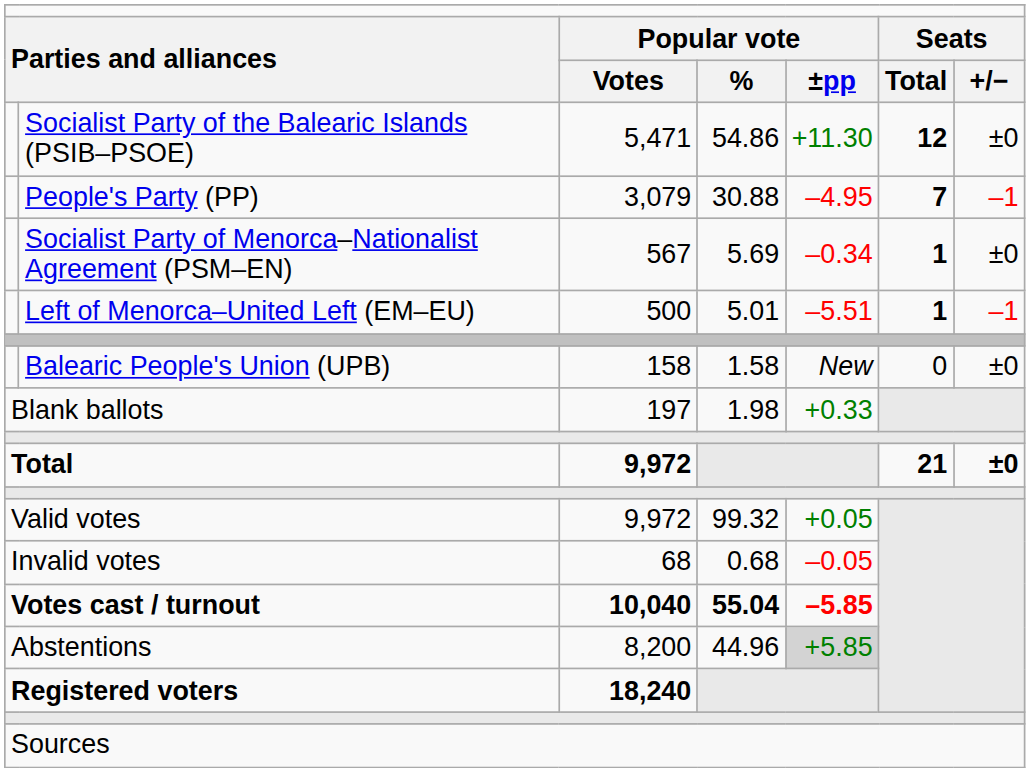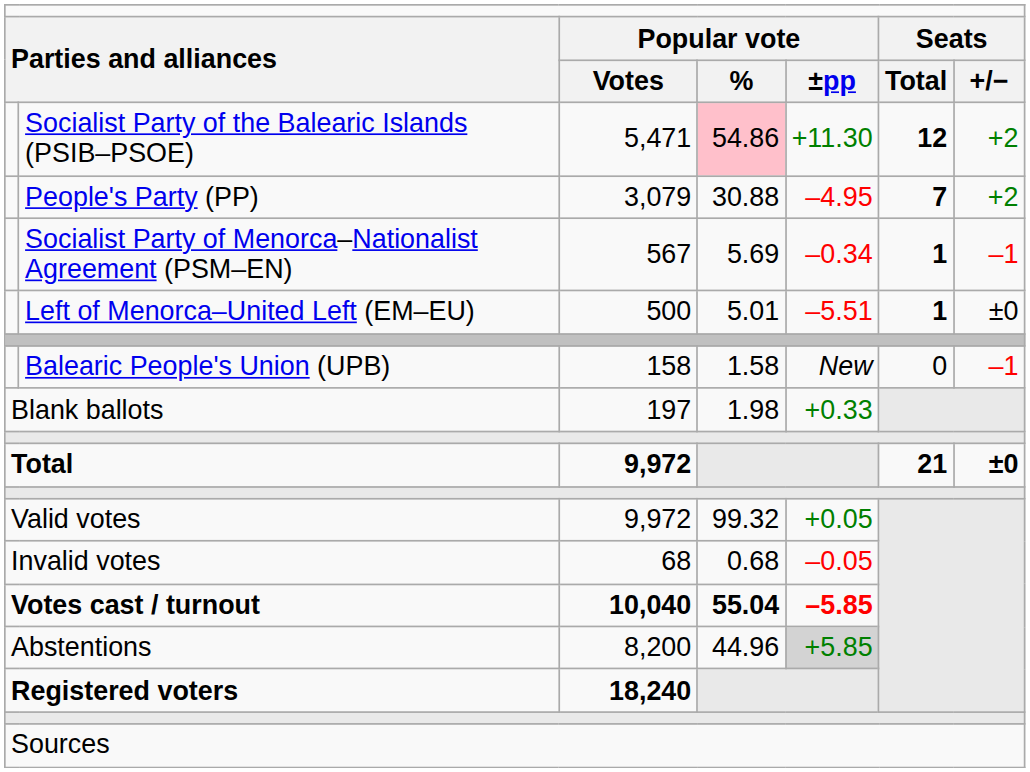 <table class="wikitable" style="text-align:right;">
 <tr>
 <td colspan="7"></td>
 </tr>
 <tr>
 <th style="text-align:left;" rowspan="2" colspan="2" width="525">Parties and alliances</th>
 <th colspan="3">Popular vote</th>
 <th colspan="2">Seats</th>
 </tr>
 <tr>
 <th width="75">Votes</th>
 <th width="45">%</th>
 <th width="45">±<a href='#'>pp</a></th>
 <th width="35">Total</th>
 <th width="35">+/−</th>
 </tr>
 <tr>
 <td width="1" style="color:inherit;background:"></td>
 <td align="left"><a href='#'>Socialist Party of the Balearic Islands</a> (PSIB–PSOE)</td>
 <td>5,471</td>
-<td>54.86</td>
+<td style="background: pink;">54.86</td>
 <td style="color:green;">+11.30</td>
 <td><strong>12</strong></td>
-<td>±0</td>
+<td style="color:green;">+2</td>
 </tr>
 <tr>
 <td style="color:inherit;background:"></td>
 <td align="left"><a href='#'>People's Party</a> (PP)</td>
 <td>3,079</td>
 <td>30.88</td>
 <td style="color:red;">–4.95</td>
 <td><strong>7</strong></td>
-<td style="color:red;">–1</td>
+<td style="color:green;">+2</td>
 </tr>
 <tr>
 <td style="color:inherit;background:"></td>
 <td align="left"><a href='#'>Socialist Party of Menorca</a>–<a href='#'>Nationalist Agreement</a> (PSM–EN)</td>
 <td>567</td>
 <td>5.69</td>
 <td style="color:red;">–0.34</td>
 <td><strong>1</strong></td>
-<td>±0</td>
+<td style="color:red;">–1</td>
 </tr>
 <tr>
 <td style="color:inherit;background:"></td>
 <td align="left"><a href='#'>Left of Menorca–United Left</a> (EM–EU)</td>
 <td>500</td>
 <td>5.01</td>
 <td style="color:red;">–5.51</td>
 <td><strong>1</strong></td>
-<td style="color:red;">–1</td>
+<td>±0</td>
 </tr>
 <tr>
 <td colspan="7" bgcolor="#C0C0C0"></td>
 </tr>
 <tr>
 <td style="color:inherit;background:"></td>
 <td align="left"><a href='#'>Balearic People's Union</a> (UPB)</td>
 <td>158</td>
 <td>1.58</td>
 <td><em>New</em></td>
 <td>0</td>
-<td>±0</td>
+<td style="color:red;">–1</td>
 </tr>
 <tr>
 <td align="left" colspan="2">Blank ballots</td>
 <td>197</td>
 <td>1.98</td>
 <td style="color:green;">+0.33</td>
 <td bgcolor="#E9E9E9" colspan="2"></td>
 </tr>
 <tr>
 <td colspan="7" bgcolor="#E9E9E9"></td>
 </tr>
 <tr style="font-weight:bold;">
 <td align="left" colspan="2">Total</td>
 <td>9,972</td>
 <td bgcolor="#E9E9E9" colspan="2"></td>
 <td>21</td>
 <td>±0</td>
 </tr>
 <tr>
 <td colspan="7" bgcolor="#E9E9E9"></td>
 </tr>
 <tr>
 <td align="left" colspan="2">Valid votes</td>
 <td>9,972</td>
 <td>99.32</td>
 <td style="color:green;">+0.05</td>
 <td bgcolor="#E9E9E9" colspan="2" rowspan="5"></td>
 </tr>
 <tr>
 <td align="left" colspan="2">Invalid votes</td>
 <td>68</td>
 <td>0.68</td>
 <td style="color:red;">–0.05</td>
 </tr>
 <tr style="font-weight:bold;">
 <td align="left" colspan="2">Votes cast / turnout</td>
 <td>10,040</td>
 <td>55.04</td>
 <td style="color:red;">–5.85</td>
 </tr>
 <tr>
 <td align="left" colspan="2">Abstentions</td>
 <td>8,200</td>
 <td>44.96</td>
 <td style="background: lightgrey; color:green;">+5.85</td>
 </tr>
 <tr style="font-weight:bold;">
 <td align="left" colspan="2">Registered voters</td>
 <td>18,240</td>
 <td bgcolor="#E9E9E9" colspan="2"></td>
 </tr>
 <tr>
 <td colspan="7" bgcolor="#E9E9E9"></td>
 </tr>
 <tr>
 <td align="left" colspan="7">Sources</td>
 </tr>
 </table>
